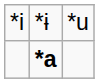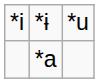 <table class="wikitable">
 <tr>
 <td>*i</td>
 <td>*ɨ</td>
 <td>*u</td>
 </tr>
 <tr>
 <td></td>
-<td><strong>*a</strong></td>
+<td>*a</td>
 <td></td>
 </tr>
 </table>
